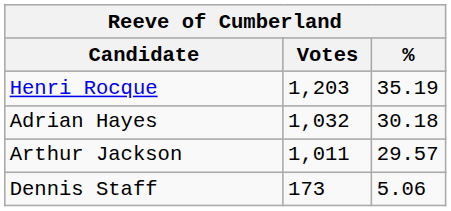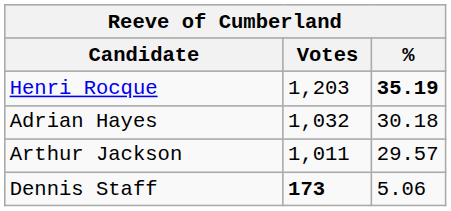 <table class="wikitable">
 <tr>
 <th colspan="3">Reeve of Cumberland</th>
 </tr>
 <tr>
 <th style="width: 170px">Candidate</th>
 <th style="width: 50px">Votes</th>
 <th style="width: 40px">%</th>
 </tr>
 <tr>
 <td><a href='#'>Henri Rocque</a></td>
 <td>1,203</td>
-<td>35.19</td>
+<td><strong>35.19</strong></td>
 </tr>
 <tr>
 <td>Adrian Hayes</td>
 <td>1,032</td>
 <td>30.18</td>
 </tr>
 <tr>
 <td>Arthur Jackson</td>
 <td>1,011</td>
 <td>29.57</td>
 </tr>
 <tr>
 <td>Dennis Staff</td>
-<td>173</td>
+<td><strong>173</strong></td>
 <td>5.06</td>
 </tr>
 </table>
